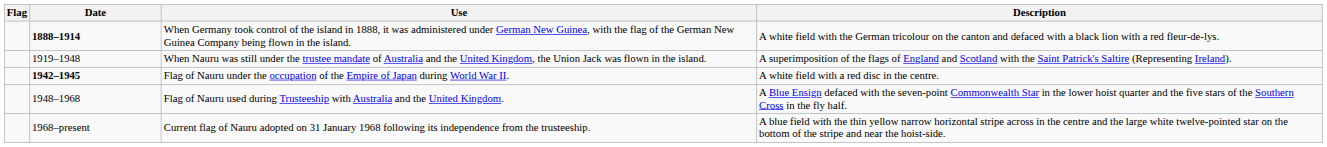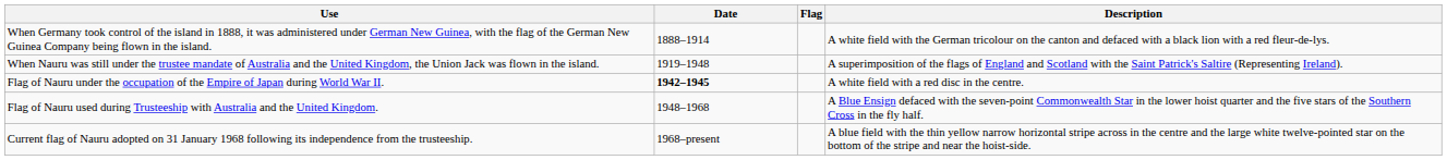 <table class="wikitable">
 <tr>
+<th>Use</th>
+<th style="width:10%;">Date</th>
 <th>Flag</th>
-<th style="width:10%;">Date</th>
-<th>Use</th>
 <th>Description</th>
 </tr>
 <tr>
+<td>When Germany took control of the island in 1888, it was administered under <a href='#'>German New Guinea</a>, with the flag of the German New Guinea Company being flown in the island.</td>
+<td>1888–1914</td>
 <td style="text-align:center"></td>
-<td><strong>1888–1914</strong></td>
-<td>When Germany took control of the island in 1888, it was administered under <a href='#'>German New Guinea</a>, with the flag of the German New Guinea Company being flown in the island.</td>
 <td>A white field with the German tricolour on the canton and defaced with a black lion with a red fleur-de-lys.</td>
 </tr>
 <tr>
+<td>When Nauru was still under the <a href='#'>trustee mandate</a> of <a href='#'>Australia</a> and the <a href='#'>United Kingdom</a>, the Union Jack was flown in the island.</td>
+<td>1919–1948</td>
 <td style="text-align:center"></td>
-<td>1919–1948</td>
-<td>When Nauru was still under the <a href='#'>trustee mandate</a> of <a href='#'>Australia</a> and the <a href='#'>United Kingdom</a>, the Union Jack was flown in the island.</td>
 <td>A superimposition of the flags of <a href='#'>England</a> and <a href='#'>Scotland</a> with the <a href='#'>Saint Patrick's Saltire</a> (Representing <a href='#'>Ireland</a>).</td>
 </tr>
 <tr>
+<td>Flag of Nauru under the <a href='#'>occupation</a> of the <a href='#'>Empire of Japan</a> during <a href='#'>World War II</a>.</td>
+<td><strong>1942–1945</strong></td>
 <td style="text-align:center"></td>
-<td><strong>1942–1945</strong></td>
-<td>Flag of Nauru under the <a href='#'>occupation</a> of the <a href='#'>Empire of Japan</a> during <a href='#'>World War II</a>.</td>
 <td>A white field with a red disc in the centre.</td>
 </tr>
 <tr>
+<td>Flag of Nauru used during <a href='#'>Trusteeship</a> with <a href='#'>Australia</a> and the <a href='#'>United Kingdom</a>.</td>
+<td>1948–1968</td>
 <td style="text-align:center"></td>
-<td>1948–1968</td>
-<td>Flag of Nauru used during <a href='#'>Trusteeship</a> with <a href='#'>Australia</a> and the <a href='#'>United Kingdom</a>.</td>
 <td>A <a href='#'>Blue Ensign</a> defaced with the seven-point <a href='#'>Commonwealth Star</a> in the lower hoist quarter and the five stars of the <a href='#'>Southern Cross</a> in the fly half.</td>
 </tr>
 <tr>
+<td>Current flag of Nauru adopted on 31 January 1968 following its independence from the trusteeship.</td>
+<td>1968–present</td>
 <td style="text-align:center"></td>
-<td>1968–present</td>
-<td>Current flag of Nauru adopted on 31 January 1968 following its independence from the trusteeship.</td>
 <td>A blue field with the thin yellow narrow horizontal stripe across in the centre and the large white twelve-pointed star on the bottom of the stripe and near the hoist-side.</td>
 </tr>
 </table>
